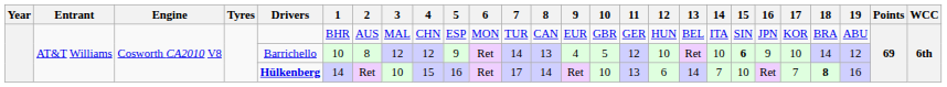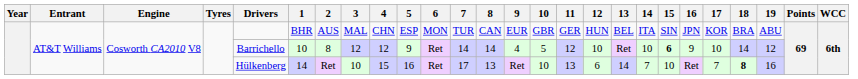 <table class="wikitable" style="text-align:center; font-size:95%">
 <tr>
 <th>Year</th>
 <th>Entrant</th>
 <th>Engine</th>
 <th>Tyres</th>
 <th>Drivers</th>
 <th>1</th>
 <th>2</th>
 <th>3</th>
 <th>4</th>
 <th>5</th>
 <th>6</th>
 <th>7</th>
 <th>8</th>
 <th>9</th>
 <th>10</th>
 <th>11</th>
 <th>12</th>
 <th>13</th>
 <th>14</th>
 <th>15</th>
 <th>16</th>
 <th>17</th>
 <th>18</th>
 <th>19</th>
 <th>Points</th>
 <th>WCC</th>
 </tr>
 <tr>
 <th rowspan=3></th>
 <td rowspan=3><a href='#'>AT&T</a> <a href='#'>Williams</a></td>
 <td rowspan=3><a href='#'>Cosworth <em>CA2010</em></a> <a href='#'>V8</a></td>
 <td rowspan=3></td>
 <td></td>
 <td><a href='#'>BHR</a></td>
 <td><a href='#'>AUS</a></td>
 <td><a href='#'>MAL</a></td>
 <td><a href='#'>CHN</a></td>
 <td><a href='#'>ESP</a></td>
 <td><a href='#'>MON</a></td>
 <td><a href='#'>TUR</a></td>
 <td><a href='#'>CAN</a></td>
 <td><a href='#'>EUR</a></td>
 <td><a href='#'>GBR</a></td>
 <td><a href='#'>GER</a></td>
 <td><a href='#'>HUN</a></td>
 <td><a href='#'>BEL</a></td>
 <td><a href='#'>ITA</a></td>
 <td><a href='#'>SIN</a></td>
 <td><a href='#'>JPN</a></td>
 <td><a href='#'>KOR</a></td>
 <td><a href='#'>BRA</a></td>
 <td><a href='#'>ABU</a></td>
 <th rowspan=3>69</th>
 <th rowspan=3>6th</th>
 </tr>
 <tr>
 <td><a href='#'>Barrichello</a></td>
 <td style="background:#DFFFDF;">10</td>
 <td style="background:#DFFFDF;">8</td>
 <td style="background:#CFCFFF;">12</td>
 <td style="background:#CFCFFF;">12</td>
 <td style="background:#DFFFDF;">9</td>
 <td style="background:#EFCFFF;">Ret</td>
 <td style="background:#CFCFFF;">14</td>
-<td style="background:#CFCFFF;">13</td>
+<td style="background:#CFCFFF;">14</td>
 <td style="background:#DFFFDF;">4</td>
 <td style="background:#DFFFDF;">5</td>
 <td style="background:#CFCFFF;">12</td>
 <td style="background:#DFFFDF;">10</td>
 <td style="background:#EFCFFF;">Ret</td>
 <td style="background:#DFFFDF;">10</td>
 <td style="background:#DFFFDF;"><strong>6</strong></td>
 <td style="background:#DFFFDF;">9</td>
 <td style="background:#DFFFDF;">10</td>
 <td style="background:#CFCFFF;">14</td>
 <td style="background:#CFCFFF;">12</td>
 </tr>
 <tr>
-<td><strong><a href='#'>Hülkenberg</a></strong></td>
+<td><a href='#'>Hülkenberg</a></td>
 <td style="background:#CFCFFF;">14</td>
 <td style="background:#EFCFFF;">Ret</td>
 <td style="background:#DFFFDF;">10</td>
 <td style="background:#CFCFFF;">15</td>
 <td style="background:#CFCFFF;">16</td>
 <td style="background:#EFCFFF;">Ret</td>
 <td style="background:#CFCFFF;">17</td>
-<td style="background:#CFCFFF;">14</td>
+<td style="background:#CFCFFF;">13</td>
 <td style="background:#EFCFFF;">Ret</td>
 <td style="background:#DFFFDF;">10</td>
 <td style="background:#CFCFFF;">13</td>
 <td style="background:#DFFFDF;">6</td>
 <td style="background:#CFCFFF;">14</td>
 <td style="background:#DFFFDF;">7</td>
 <td style="background:#DFFFDF;">10</td>
 <td style="background:#EFCFFF;">Ret</td>
 <td style="background:#DFFFDF;">7</td>
 <td style="background:#DFFFDF;"><strong>8</strong></td>
 <td style="background:#CFCFFF;">16</td>
 </tr>
 </table>
